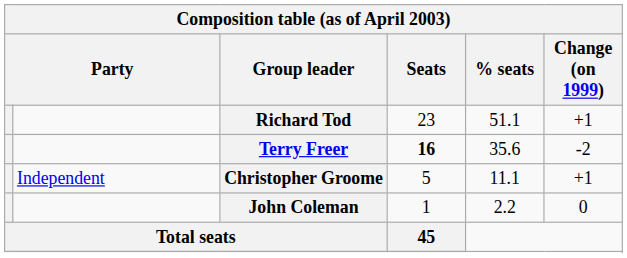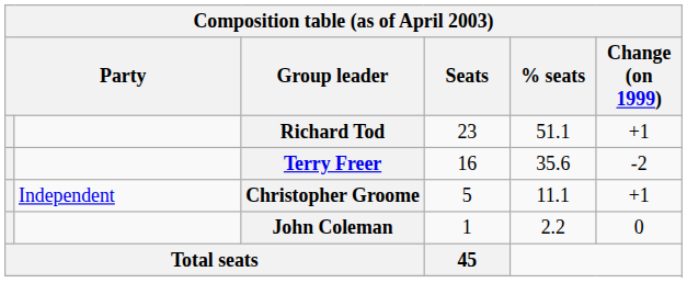 <table class="wikitable" style="font-size: 95%;">
 <tr style="background-color:#E9E9E9">
 <th colspan="6">Composition table (as of April 2003)</th>
 </tr>
 <tr style="background-color:#E9E9E9">
 <th colspan="2">Party</th>
 <th align="center">Group leader</th>
 <th style="width: 60px">Seats</th>
 <th style="width: 60px">% seats</th>
 <th style="width: 60px">Change (on <a href='#'>1999</a>)</th>
 </tr>
 <tr>
 <th style="background-color: "></th>
 <td style="width: 170px"><a href='#'></a></td>
 <th align="center">Richard Tod</th>
 <td align="center">23</td>
 <td align="center">51.1</td>
 <td align="center">+1</td>
 </tr>
 <tr>
 <th style="background-color: "></th>
 <td style="width: 170px"><a href='#'></a></td>
 <th align="center"><a href='#'>Terry Freer</a></th>
-<td align="center"><strong>16</strong></td>
+<td align="center">16</td>
 <td align="center">35.6</td>
 <td align="center">-2</td>
 </tr>
 <tr>
 <th style="background-color: "></th>
 <td style="width: 170px"><a href='#'>Independent</a></td>
 <th align="center">Christopher Groome</th>
 <td align="center">5</td>
 <td align="center">11.1</td>
 <td align="center">+1</td>
 </tr>
 <tr>
 <th style="background-color: "></th>
 <td style="width: 170px"><a href='#'></a></td>
 <th align="center">John Coleman</th>
 <td align="center">1</td>
 <td align="center">2.2</td>
 <td align="center">0</td>
 </tr>
 <tr style="background-color:#E9E9E9">
 <th colspan="3">Total seats</th>
 <th style="width: 60px">45</th>
 </tr>
 <tr style="background-color:#E9E9E9">
 </tr>
 </table>
